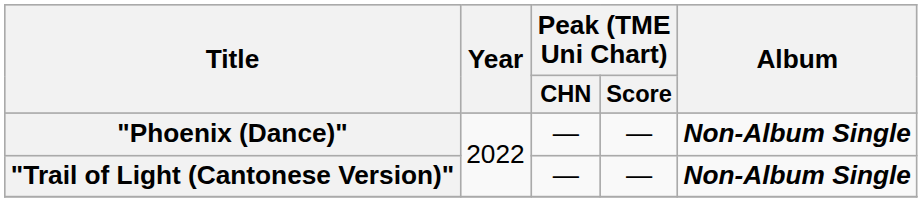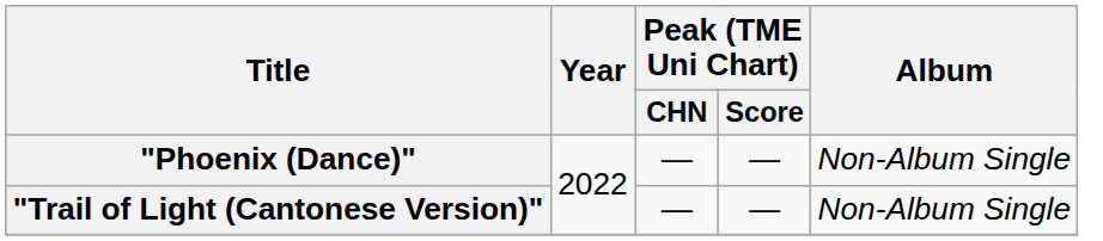 <table class="wikitable plainrowheaders" style="text-align:center">
 <tr>
 <th scope="col" rowspan="2">Title</th>
 <th scope="col" rowspan="2">Year</th>
 <th scope="col" colspan="2">Peak (TME Uni Chart)</th>
 <th scope="col" rowspan="2">Album</th>
 </tr>
 <tr>
 <th scope="col" style="font-size:90%; width:2.5em">CHN</th>
 <th scope="col" style="font-size:90%; width:2.5em">Score</th>
 </tr>
 <tr>
 <th scope="row">"Phoenix (Dance)"</th>
 <td rowspan="2">2022</td>
 <td>—</td>
 <td>—</td>
-<td><strong><em>Non-Album Single</em></strong></td>
+<td><em>Non-Album Single</em></td>
 </tr>
 <tr>
 <th scope="row">"Trail of Light (Cantonese Version)"</th>
 <td>—</td>
 <td>—</td>
-<td><strong><em>Non-Album Single</em></strong></td>
+<td><em>Non-Album Single</em></td>
 </tr>
 <tr>
 </tr>
 </table>
